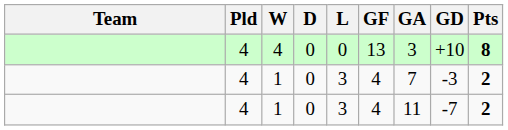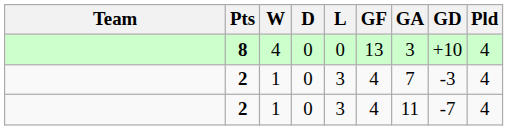 <table class="wikitable" style="text-align:center;">
 <tr>
 <th width=180>Team</th>
-<th width=20>Pld</th>
+<th width=20>Pts</th>
 <th width=20>W</th>
 <th width=20>D</th>
 <th width=20>L</th>
 <th width=20>GF</th>
 <th width=20>GA</th>
 <th width=20>GD</th>
-<th width=20>Pts</th>
+<th width=20>Pld</th>
 </tr>
 <tr bgcolor="ccffcc">
 <td align="left"></td>
-<td>4</td>
+<td><strong>8</strong></td>
 <td>4</td>
 <td>0</td>
 <td>0</td>
 <td>13</td>
 <td>3</td>
 <td>+10</td>
-<td><strong>8</strong></td>
+<td>4</td>
 </tr>
 <tr>
 <td align="left"></td>
-<td>4</td>
+<td><strong>2</strong></td>
 <td>1</td>
 <td>0</td>
 <td>3</td>
 <td>4</td>
 <td>7</td>
 <td>-3</td>
-<td><strong>2</strong></td>
+<td>4</td>
 </tr>
 <tr>
 <td align="left"></td>
-<td>4</td>
+<td><strong>2</strong></td>
 <td>1</td>
 <td>0</td>
 <td>3</td>
 <td>4</td>
 <td>11</td>
 <td>-7</td>
-<td><strong>2</strong></td>
+<td>4</td>
 </tr>
 </table>
